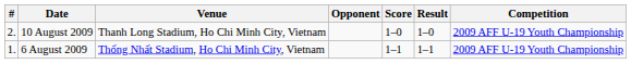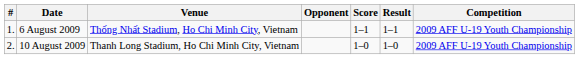 <table class="wikitable">
 <tr>
 <th>#</th>
 <th>Date</th>
 <th>Venue</th>
 <th>Opponent</th>
 <th>Score</th>
 <th>Result</th>
 <th>Competition</th>
 </tr>
 <tr>
+<td>1.</td>
+<td>6 August 2009</td>
+<td><a href='#'>Thống Nhất Stadium</a>, <a href='#'>Ho Chi Minh City</a>, Vietnam</td>
+<td></td>
+<td>1–1</td>
+<td>1–1</td>
+<td><a href='#'>2009 AFF U-19 Youth Championship</a></td>
+</tr>
+<tr>
 <td>2.</td>
 <td>10 August 2009</td>
 <td>Thanh Long Stadium, Ho Chi Minh City, Vietnam</td>
 <td></td>
 <td>1–0</td>
 <td>1–0</td>
 <td><a href='#'>2009 AFF U-19 Youth Championship</a></td>
 </tr>
-<tr>
-<td>1.</td>
-<td>6 August 2009</td>
-<td><a href='#'>Thống Nhất Stadium</a>, <a href='#'>Ho Chi Minh City</a>, Vietnam</td>
-<td></td>
-<td>1–1</td>
-<td>1–1</td>
-<td><a href='#'>2009 AFF U-19 Youth Championship</a></td>
-</tr>
 </table>
